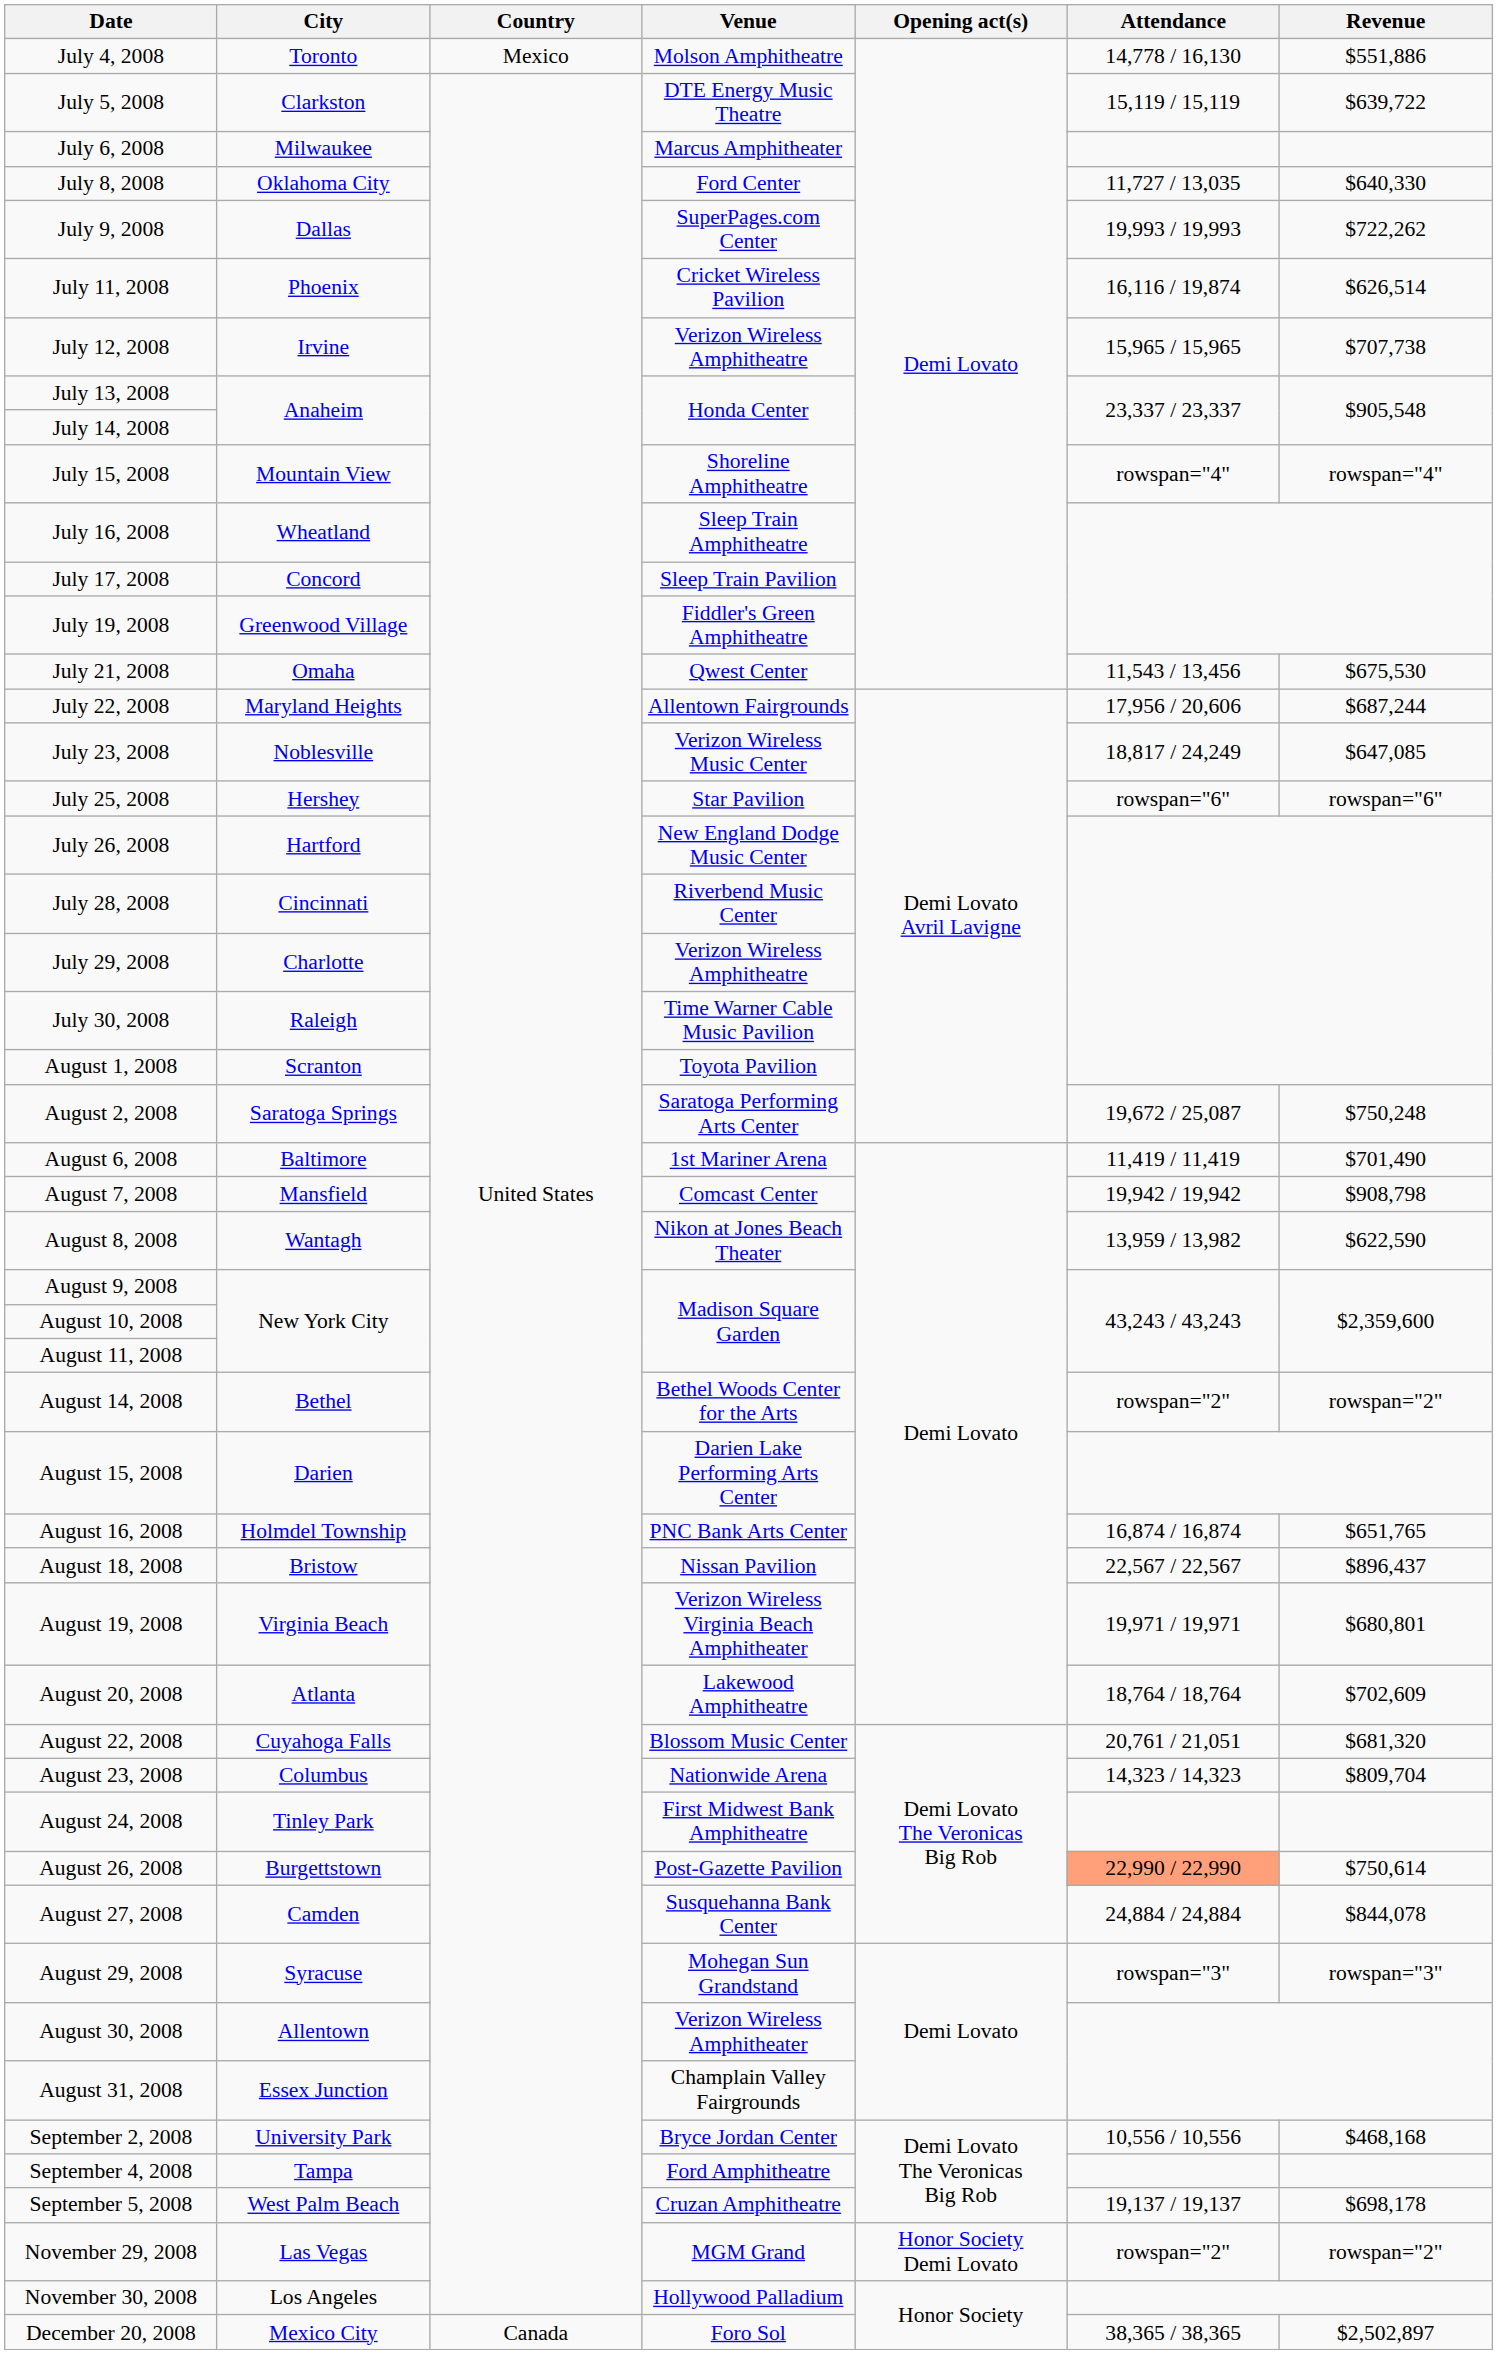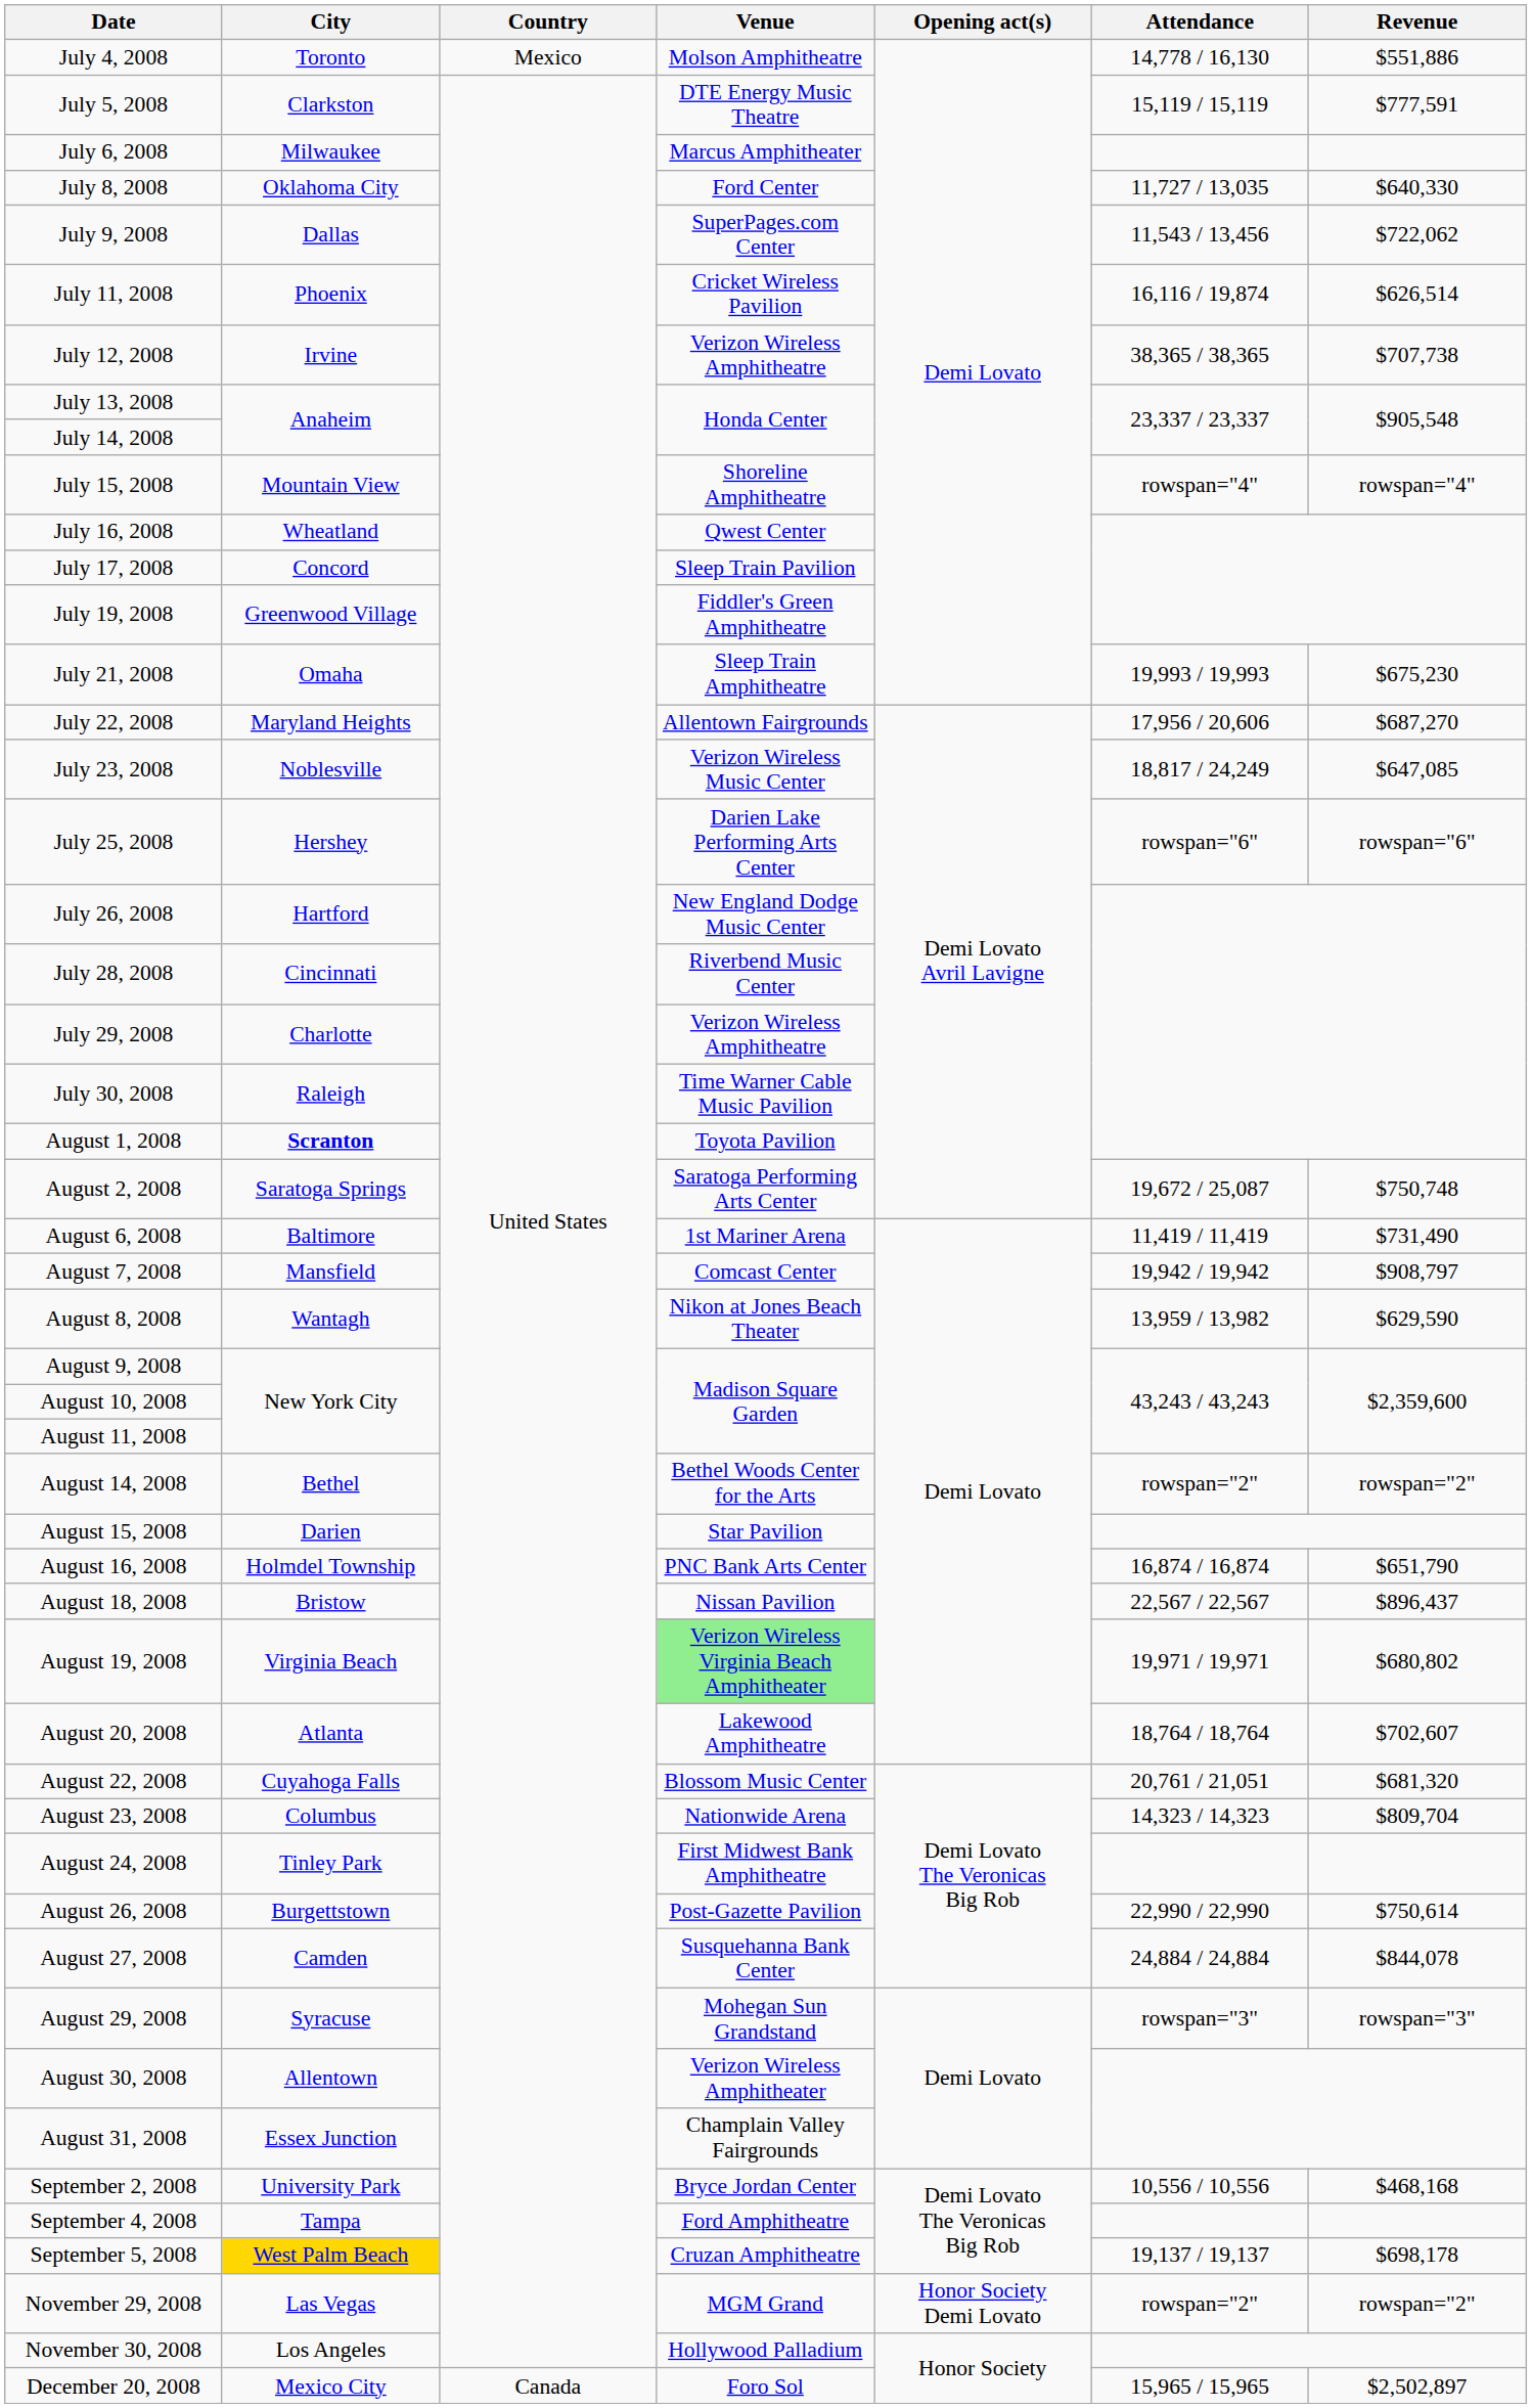 <table class="wikitable" style="text-align:center">
 <tr>
 <th width="150">Date</th>
 <th width="150">City</th>
 <th width="150">Country</th>
 <th width="150">Venue</th>
 <th width="150">Opening act(s)</th>
 <th width=150>Attendance</th>
 <th width=150>Revenue</th>
 </tr>
 <tr>
 <td>July 4, 2008</td>
 <td><a href='#'>Toronto</a></td>
 <td>Mexico</td>
 <td><a href='#'>Molson Amphitheatre</a></td>
 <td rowspan="14"><a href='#'>Demi Lovato</a></td>
 <td>14,778 / 16,130</td>
 <td>$551,886</td>
 </tr>
 <tr>
 <td>July 5, 2008</td>
 <td><a href='#'>Clarkston</a></td>
 <td rowspan="47">United States</td>
 <td><a href='#'>DTE Energy Music Theatre</a></td>
 <td>15,119 / 15,119</td>
-<td>$639,722</td>
+<td>$777,591</td>
 </tr>
 <tr>
 <td>July 6, 2008</td>
 <td><a href='#'>Milwaukee</a></td>
 <td><a href='#'>Marcus Amphitheater</a></td>
 <td></td>
 <td></td>
 </tr>
 <tr>
 <td>July 8, 2008</td>
 <td><a href='#'>Oklahoma City</a></td>
 <td><a href='#'>Ford Center</a></td>
 <td>11,727 / 13,035</td>
 <td>$640,330</td>
 </tr>
 <tr>
 <td>July 9, 2008</td>
 <td><a href='#'>Dallas</a></td>
 <td [Dos Equis Center><a href='#'>SuperPages.com Center</a></td>
-<td>19,993 / 19,993</td>
-<td>$722,262</td>
+<td>11,543 / 13,456</td>
+<td>$722,062</td>
 </tr>
 <tr>
 <td>July 11, 2008</td>
 <td><a href='#'>Phoenix</a></td>
 <td><a href='#'>Cricket Wireless Pavilion</a></td>
 <td>16,116 / 19,874</td>
 <td>$626,514</td>
 </tr>
 <tr>
 <td>July 12, 2008</td>
 <td><a href='#'>Irvine</a></td>
 <td><a href='#'>Verizon Wireless Amphitheatre</a></td>
-<td>15,965 / 15,965</td>
+<td>38,365 / 38,365</td>
 <td>$707,738</td>
 </tr>
 <tr>
 <td>July 13, 2008</td>
 <td rowspan="2"><a href='#'>Anaheim</a></td>
 <td rowspan="2"><a href='#'>Honda Center</a></td>
 <td rowspan="2">23,337 / 23,337</td>
 <td rowspan="2">$905,548</td>
 </tr>
 <tr>
 <td>July 14, 2008</td>
 </tr>
 <tr>
 <td>July 15, 2008</td>
 <td><a href='#'>Mountain View</a></td>
 <td><a href='#'>Shoreline Amphitheatre</a></td>
 <td>rowspan="4" </td>
 <td>rowspan="4" </td>
 </tr>
 <tr>
 <td>July 16, 2008</td>
 <td><a href='#'>Wheatland</a></td>
-<td><a href='#'>Sleep Train Amphitheatre</a></td>
+<td><a href='#'>Qwest Center</a></td>
 </tr>
 <tr>
 <td>July 17, 2008</td>
 <td><a href='#'>Concord</a></td>
 <td><a href='#'>Sleep Train Pavilion</a></td>
 </tr>
 <tr>
 <td>July 19, 2008</td>
 <td><a href='#'>Greenwood Village</a></td>
 <td><a href='#'>Fiddler's Green Amphitheatre</a></td>
 </tr>
 <tr>
 <td>July 21, 2008</td>
 <td><a href='#'>Omaha</a></td>
-<td><a href='#'>Qwest Center</a></td>
-<td>11,543 / 13,456</td>
-<td>$675,530</td>
+<td><a href='#'>Sleep Train Amphitheatre</a></td>
+<td>19,993 / 19,993</td>
+<td>$675,230</td>
 </tr>
 <tr>
 <td>July 22, 2008</td>
 <td><a href='#'>Maryland Heights</a></td>
 <td><a href='#'>Allentown Fairgrounds</a></td>
 <td rowspan="9">Demi Lovato<br><a href='#'>Avril Lavigne</a></td>
 <td>17,956 / 20,606</td>
-<td>$687,244</td>
+<td>$687,270</td>
 </tr>
 <tr>
 <td>July 23, 2008</td>
 <td><a href='#'>Noblesville</a></td>
 <td><a href='#'>Verizon Wireless Music Center</a></td>
 <td>18,817 / 24,249</td>
 <td>$647,085</td>
 </tr>
 <tr>
 <td>July 25, 2008</td>
 <td><a href='#'>Hershey</a></td>
-<td><a href='#'>Star Pavilion</a></td>
+<td><a href='#'>Darien Lake Performing Arts Center</a></td>
 <td>rowspan="6" </td>
 <td>rowspan="6" </td>
 </tr>
 <tr>
 <td>July 26, 2008</td>
 <td><a href='#'>Hartford</a></td>
 <td><a href='#'>New England Dodge Music Center</a></td>
 </tr>
 <tr>
 <td>July 28, 2008</td>
 <td><a href='#'>Cincinnati</a></td>
 <td><a href='#'>Riverbend Music Center</a></td>
 </tr>
 <tr>
 <td>July 29, 2008</td>
 <td><a href='#'>Charlotte</a></td>
 <td><a href='#'>Verizon Wireless Amphitheatre</a></td>
 </tr>
 <tr>
 <td>July 30, 2008</td>
 <td><a href='#'>Raleigh</a></td>
 <td><a href='#'>Time Warner Cable Music Pavilion</a></td>
 </tr>
 <tr>
 <td>August 1, 2008</td>
-<td><a href='#'>Scranton</a></td>
+<td><strong><a href='#'>Scranton</a></strong></td>
 <td><a href='#'>Toyota Pavilion</a></td>
 </tr>
 <tr>
 <td>August 2, 2008</td>
 <td><a href='#'>Saratoga Springs</a></td>
 <td><a href='#'>Saratoga Performing Arts Center</a></td>
 <td>19,672 / 25,087</td>
-<td>$750,248</td>
+<td>$750,748</td>
 </tr>
 <tr>
 <td>August 6, 2008</td>
 <td><a href='#'>Baltimore</a></td>
 <td><a href='#'>1st Mariner Arena</a></td>
 <td rowspan="12">Demi Lovato</td>
 <td>11,419 / 11,419</td>
-<td>$701,490</td>
+<td>$731,490</td>
 </tr>
 <tr>
 <td>August 7, 2008</td>
 <td><a href='#'>Mansfield</a></td>
 <td><a href='#'>Comcast Center</a></td>
 <td>19,942 / 19,942</td>
-<td>$908,798</td>
+<td>$908,797</td>
 </tr>
 <tr>
 <td>August 8, 2008</td>
 <td><a href='#'>Wantagh</a></td>
 <td><a href='#'>Nikon at Jones Beach Theater</a></td>
 <td>13,959 / 13,982</td>
-<td>$622,590</td>
+<td>$629,590</td>
 </tr>
 <tr>
 <td>August 9, 2008</td>
 <td rowspan="3">New York City</td>
 <td rowspan="3"><a href='#'>Madison Square Garden</a></td>
 <td rowspan="3">43,243 / 43,243</td>
 <td rowspan="3">$2,359,600</td>
 </tr>
 <tr>
 <td>August 10, 2008</td>
 </tr>
 <tr>
 <td>August 11, 2008</td>
 </tr>
 <tr>
 <td>August 14, 2008</td>
 <td><a href='#'>Bethel</a></td>
 <td><a href='#'>Bethel Woods Center for the Arts</a></td>
 <td>rowspan="2" </td>
 <td>rowspan="2" </td>
 </tr>
 <tr>
 <td>August 15, 2008</td>
 <td><a href='#'>Darien</a></td>
-<td><a href='#'>Darien Lake Performing Arts Center</a></td>
+<td><a href='#'>Star Pavilion</a></td>
 </tr>
 <tr>
 <td>August 16, 2008</td>
 <td><a href='#'>Holmdel Township</a></td>
 <td><a href='#'>PNC Bank Arts Center</a></td>
 <td>16,874 / 16,874</td>
-<td>$651,765</td>
+<td>$651,790</td>
 </tr>
 <tr>
 <td>August 18, 2008</td>
 <td><a href='#'>Bristow</a></td>
 <td><a href='#'>Nissan Pavilion</a></td>
 <td>22,567 / 22,567</td>
 <td>$896,437</td>
 </tr>
 <tr>
 <td>August 19, 2008</td>
 <td><a href='#'>Virginia Beach</a></td>
-<td><a href='#'>Verizon Wireless Virginia Beach Amphitheater</a></td>
+<td style="background: lightgreen;"><a href='#'>Verizon Wireless Virginia Beach Amphitheater</a></td>
 <td>19,971 / 19,971</td>
-<td>$680,801</td>
+<td>$680,802</td>
 </tr>
 <tr>
 <td>August 20, 2008</td>
 <td><a href='#'>Atlanta</a></td>
 <td><a href='#'>Lakewood Amphitheatre</a></td>
 <td>18,764 / 18,764</td>
-<td>$702,609</td>
+<td>$702,607</td>
 </tr>
 <tr>
 <td>August 22, 2008</td>
 <td><a href='#'>Cuyahoga Falls</a></td>
 <td><a href='#'>Blossom Music Center</a></td>
 <td rowspan="5">Demi Lovato<br><a href='#'>The Veronicas</a><br>Big Rob</td>
 <td>20,761 / 21,051</td>
 <td>$681,320</td>
 </tr>
 <tr>
 <td>August 23, 2008</td>
 <td><a href='#'>Columbus</a></td>
 <td><a href='#'>Nationwide Arena</a></td>
 <td>14,323 / 14,323</td>
 <td>$809,704</td>
 </tr>
 <tr>
 <td>August 24, 2008</td>
 <td><a href='#'>Tinley Park</a></td>
 <td><a href='#'>First Midwest Bank Amphitheatre</a></td>
 <td></td>
 <td></td>
 </tr>
 <tr>
 <td>August 26, 2008</td>
 <td><a href='#'>Burgettstown</a></td>
 <td><a href='#'>Post-Gazette Pavilion</a></td>
-<td style="background: lightsalmon;">22,990 / 22,990</td>
+<td>22,990 / 22,990</td>
 <td>$750,614</td>
 </tr>
 <tr>
 <td>August 27, 2008</td>
 <td><a href='#'>Camden</a></td>
 <td><a href='#'>Susquehanna Bank Center</a></td>
 <td>24,884 / 24,884</td>
 <td>$844,078</td>
 </tr>
 <tr>
 <td>August 29, 2008</td>
 <td><a href='#'>Syracuse</a></td>
 <td><a href='#'>Mohegan Sun Grandstand</a></td>
 <td rowspan="3">Demi Lovato</td>
 <td>rowspan="3" </td>
 <td>rowspan="3" </td>
 </tr>
 <tr>
 <td>August 30, 2008</td>
 <td><a href='#'>Allentown</a></td>
 <td><a href='#'>Verizon Wireless Amphitheater</a></td>
 </tr>
 <tr>
 <td>August 31, 2008</td>
 <td><a href='#'>Essex Junction</a></td>
 <td>Champlain Valley Fairgrounds</td>
 </tr>
 <tr>
 <td>September 2, 2008</td>
 <td><a href='#'>University Park</a></td>
 <td><a href='#'>Bryce Jordan Center</a></td>
 <td rowspan="3">Demi Lovato<br>The Veronicas<br>Big Rob</td>
 <td>10,556 / 10,556</td>
 <td>$468,168</td>
 </tr>
 <tr>
 <td>September 4, 2008</td>
 <td><a href='#'>Tampa</a></td>
 <td><a href='#'>Ford Amphitheatre</a></td>
 <td></td>
 <td></td>
 </tr>
 <tr>
 <td>September 5, 2008</td>
-<td><a href='#'>West Palm Beach</a></td>
+<td style="background: gold;"><a href='#'>West Palm Beach</a></td>
 <td><a href='#'>Cruzan Amphitheatre</a></td>
 <td>19,137 / 19,137</td>
 <td>$698,178</td>
 </tr>
 <tr>
 <td>November 29, 2008</td>
 <td><a href='#'>Las Vegas</a></td>
 <td><a href='#'>MGM Grand</a></td>
 <td><a href='#'>Honor Society</a><br>Demi Lovato</td>
 <td>rowspan="2" </td>
 <td>rowspan="2" </td>
 </tr>
 <tr>
 <td>November 30, 2008</td>
 <td>Los Angeles</td>
 <td><a href='#'>Hollywood Palladium</a></td>
 <td rowspan="4">Honor Society</td>
 </tr>
 <tr>
 <td>December 20, 2008</td>
 <td><a href='#'>Mexico City</a></td>
 <td>Canada</td>
 <td><a href='#'>Foro Sol</a></td>
-<td>38,365 / 38,365</td>
+<td>15,965 / 15,965</td>
 <td>$2,502,897</td>
 </tr>
 </table>
